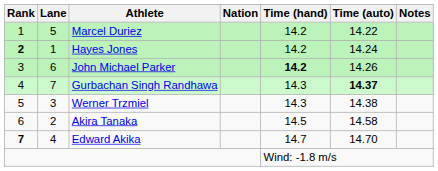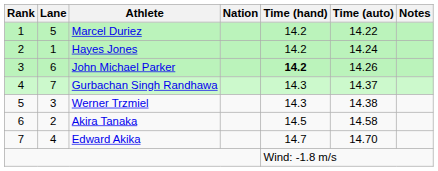 <table class="wikitable sortable" style="text-align:center">
 <tr>
 <th>Rank</th>
 <th>Lane</th>
 <th>Athlete</th>
 <th>Nation</th>
 <th>Time (hand)</th>
 <th>Time (auto)</th>
 <th>Notes</th>
 </tr>
 <tr bgcolor=bbf3bb>
 <td>1</td>
 <td>5</td>
 <td align=left><a href='#'>Marcel Duriez</a></td>
 <td align=left></td>
 <td>14.2</td>
 <td>14.22</td>
 <td></td>
 </tr>
 <tr bgcolor=bbf3bb>
-<td><strong>2</strong></td>
+<td>2</td>
 <td>1</td>
 <td align=left><a href='#'>Hayes Jones</a></td>
 <td align=left></td>
 <td>14.2</td>
 <td>14.24</td>
 <td></td>
 </tr>
 <tr bgcolor=bbf3bb>
 <td>3</td>
 <td>6</td>
 <td align=left><a href='#'>John Michael Parker</a></td>
 <td align=left></td>
 <td><strong>14.2</strong></td>
 <td>14.26</td>
 <td></td>
 </tr>
 <tr bgcolor=ccf9cc>
 <td>4</td>
 <td>7</td>
 <td align=left><a href='#'>Gurbachan Singh Randhawa</a></td>
 <td align=left></td>
 <td>14.3</td>
-<td><strong>14.37</strong></td>
+<td>14.37</td>
 <td></td>
 </tr>
 <tr>
 <td>5</td>
 <td>3</td>
 <td align=left><a href='#'>Werner Trzmiel</a></td>
 <td align=left></td>
 <td>14.3</td>
 <td>14.38</td>
 <td></td>
 </tr>
 <tr>
 <td>6</td>
 <td>2</td>
 <td align=left><a href='#'>Akira Tanaka</a></td>
 <td align=left></td>
 <td>14.5</td>
 <td>14.58</td>
 <td></td>
 </tr>
 <tr>
-<td><strong>7</strong></td>
+<td>7</td>
 <td>4</td>
 <td align=left><a href='#'>Edward Akika</a></td>
 <td align=left></td>
 <td>14.7</td>
 <td>14.70</td>
 <td></td>
 </tr>
 <tr class="sortbottom">
 <td colspan=4></td>
 <td colspan="3" style="text-align:left;">Wind: -1.8 m/s</td>
 </tr>
 </table>
